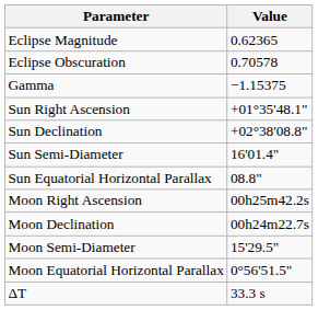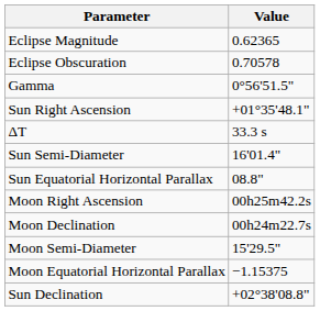 <table class="wikitable">
 <tr>
 <th>Parameter</th>
 <th>Value</th>
 </tr>
 <tr>
 <td>Eclipse Magnitude</td>
 <td>0.62365</td>
 </tr>
 <tr>
 <td>Eclipse Obscuration</td>
 <td>0.70578</td>
 </tr>
 <tr>
 <td>Gamma</td>
-<td>−1.15375</td>
+<td>0°56'51.5"</td>
 </tr>
 <tr>
 <td>Sun Right Ascension</td>
 <td>+01°35'48.1"</td>
 </tr>
 <tr>
-<td>Sun Declination</td>
-<td>+02°38'08.8"</td>
+<td>ΔT</td>
+<td>33.3 s</td>
 </tr>
 <tr>
 <td>Sun Semi-Diameter</td>
 <td>16'01.4"</td>
 </tr>
 <tr>
 <td>Sun Equatorial Horizontal Parallax</td>
 <td>08.8"</td>
 </tr>
 <tr>
 <td>Moon Right Ascension</td>
 <td>00h25m42.2s</td>
 </tr>
 <tr>
 <td>Moon Declination</td>
 <td>00h24m22.7s</td>
 </tr>
 <tr>
 <td>Moon Semi-Diameter</td>
 <td>15'29.5"</td>
 </tr>
 <tr>
 <td>Moon Equatorial Horizontal Parallax</td>
-<td>0°56'51.5"</td>
+<td>−1.15375</td>
 </tr>
 <tr>
-<td>ΔT</td>
-<td>33.3 s</td>
+<td>Sun Declination</td>
+<td>+02°38'08.8"</td>
 </tr>
 </table>
